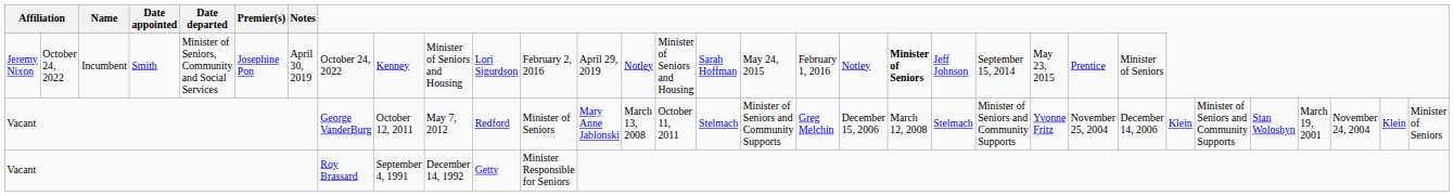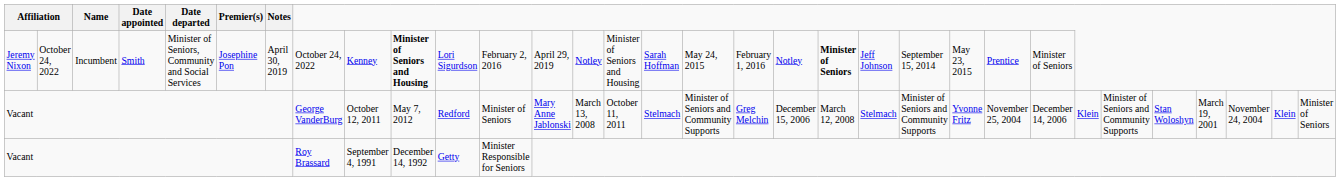 <table class="wikitable">
 <tr>
 <th colspan="2">Affiliation</th>
 <th>Name</th>
 <th>Date appointed</th>
 <th>Date departed</th>
 <th>Premier(s)</th>
 <th>Notes</th>
 </tr>
 <tr>
 <td><a href='#'>Jeremy Nixon</a></td>
 <td>October 24, 2022</td>
 <td>Incumbent</td>
 <td><a href='#'>Smith</a></td>
 <td>Minister of Seniors, Community and Social Services<br></td>
 <td><a href='#'>Josephine Pon</a></td>
 <td>April 30, 2019</td>
 <td>October 24, 2022</td>
 <td><a href='#'>Kenney</a></td>
-<td>Minister of Seniors and Housing<br></td>
+<td><strong>Minister of Seniors and Housing<br></strong></td>
 <td><a href='#'>Lori Sigurdson</a></td>
 <td>February 2, 2016</td>
 <td>April 29, 2019</td>
 <td><a href='#'>Notley</a></td>
 <td>Minister of Seniors and Housing<br></td>
 <td><a href='#'>Sarah Hoffman</a></td>
 <td>May 24, 2015</td>
 <td>February 1, 2016</td>
 <td><a href='#'>Notley</a></td>
 <td><strong>Minister of Seniors<br></strong></td>
 <td><a href='#'>Jeff Johnson</a></td>
 <td>September 15, 2014</td>
 <td>May 23, 2015</td>
 <td><a href='#'>Prentice</a></td>
 <td>Minister of Seniors</td>
 </tr>
 <tr>
 <td colspan="7">Vacant<br></td>
 <td><a href='#'>George VanderBurg</a></td>
 <td>October 12, 2011</td>
 <td>May 7, 2012</td>
 <td><a href='#'>Redford</a></td>
 <td>Minister of Seniors<br></td>
 <td><a href='#'>Mary Anne Jablonski</a></td>
 <td>March 13, 2008</td>
 <td>October 11, 2011</td>
 <td><a href='#'>Stelmach</a></td>
 <td>Minister of Seniors and Community Supports<br></td>
 <td><a href='#'>Greg Melchin</a></td>
 <td>December 15, 2006</td>
 <td>March 12, 2008</td>
 <td><a href='#'>Stelmach</a></td>
 <td>Minister of Seniors and Community Supports<br></td>
 <td><a href='#'>Yvonne Fritz</a></td>
 <td>November 25, 2004</td>
 <td>December 14, 2006</td>
 <td><a href='#'>Klein</a></td>
 <td>Minister of Seniors and Community Supports<br></td>
 <td><a href='#'>Stan Woloshyn</a></td>
 <td>March 19, 2001</td>
 <td>November 24, 2004</td>
 <td><a href='#'>Klein</a></td>
 <td>Minister of Seniors</td>
 </tr>
 <tr>
 <td colspan="7">Vacant<br></td>
 <td><a href='#'>Roy Brassard</a></td>
 <td>September 4, 1991</td>
 <td>December 14, 1992</td>
 <td><a href='#'>Getty</a></td>
 <td>Minister Responsible for Seniors</td>
 </tr>
 </table>
